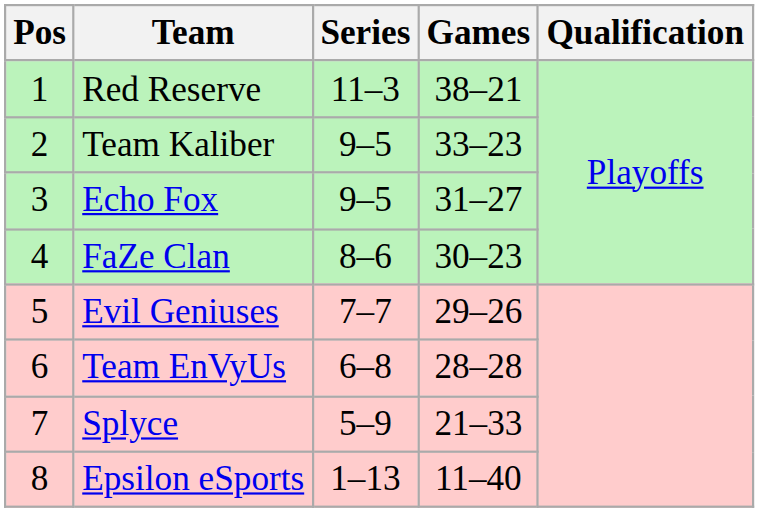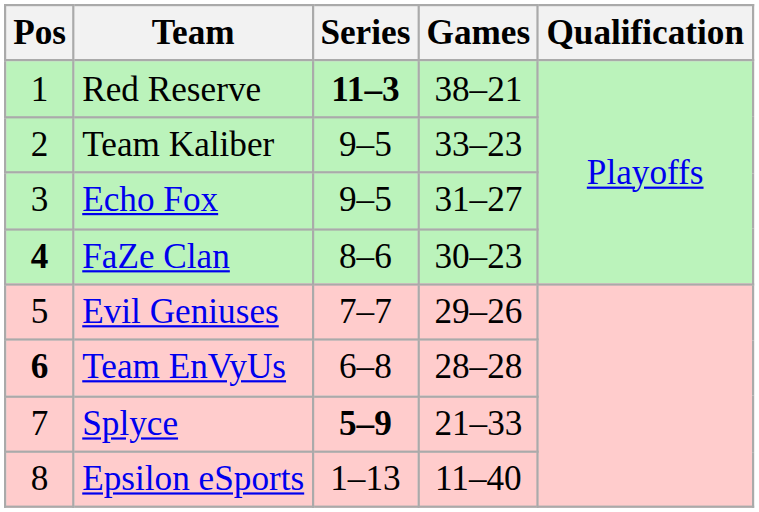 <table class="wikitable" style="text-align:middle">
 <tr>
 <th>Pos</th>
 <th>Team</th>
 <th>Series</th>
 <th>Games</th>
 <th>Qualification</th>
 </tr>
 <tr>
 <td style="text-align:center; background:#BBF3BB;">1</td>
 <td style="text-align:left; background:#BBF3BB;">Red Reserve</td>
-<td style="text-align:center; background:#BBF3BB;">11–3</td>
+<td style="text-align:center; background:#BBF3BB;"><strong>11–3</strong></td>
 <td style="text-align:center; background:#BBF3BB;">38–21</td>
 <td style="text-align:center; background:#BBF3BB;" rowspan="4"><a href='#'>Playoffs</a></td>
 </tr>
 <tr>
 <td style="text-align:center; background:#BBF3BB;">2</td>
 <td style="text-align:left; background:#BBF3BB;">Team Kaliber</td>
 <td style="text-align:center; background:#BBF3BB;">9–5</td>
 <td style="text-align:center; background:#BBF3BB;">33–23</td>
 </tr>
 <tr>
 <td style="text-align:center; background:#BBF3BB;">3</td>
 <td style="text-align:left; background:#BBF3BB;"><a href='#'>Echo Fox</a></td>
 <td style="text-align:center; background:#BBF3BB;">9–5</td>
 <td style="text-align:center; background:#BBF3BB;">31–27</td>
 </tr>
 <tr>
-<td style="text-align:center; background:#BBF3BB;">4</td>
+<td style="text-align:center; background:#BBF3BB;"><strong>4</strong></td>
 <td style="text-align:left; background:#BBF3BB;"><a href='#'>FaZe Clan</a></td>
 <td style="text-align:center; background:#BBF3BB;">8–6</td>
 <td style="text-align:center; background:#BBF3BB;">30–23</td>
 </tr>
 <tr>
 <td style="text-align:center; background:#FFCCCC;">5</td>
 <td style="text-align:left; background:#FFCCCC;"><a href='#'>Evil Geniuses</a></td>
 <td style="text-align:center; background:#FFCCCC;">7–7</td>
 <td style="text-align:center; background:#FFCCCC;">29–26</td>
 <td style="text-align:center; background:#FFCCCC;" rowspan="4"></td>
 </tr>
 <tr>
-<td style="text-align:center; background:#FFCCCC;">6</td>
+<td style="text-align:center; background:#FFCCCC;"><strong>6</strong></td>
 <td style="text-align:left; background:#FFCCCC;"><a href='#'>Team EnVyUs</a></td>
 <td style="text-align:center; background:#FFCCCC;">6–8</td>
 <td style="text-align:center; background:#FFCCCC;">28–28</td>
 </tr>
 <tr>
 <td style="text-align:center; background:#FFCCCC;">7</td>
 <td style="text-align:left; background:#FFCCCC;"><a href='#'>Splyce</a></td>
-<td style="text-align:center; background:#FFCCCC;">5–9</td>
+<td style="text-align:center; background:#FFCCCC;"><strong>5–9</strong></td>
 <td style="text-align:center; background:#FFCCCC;">21–33</td>
 </tr>
 <tr>
 <td style="text-align:center; background:#FFCCCC;">8</td>
 <td style="text-align:left; background:#FFCCCC;"><a href='#'>Epsilon eSports</a></td>
 <td style="text-align:center; background:#FFCCCC;">1–13</td>
 <td style="text-align:center; background:#FFCCCC;">11–40</td>
 </tr>
 </table>
